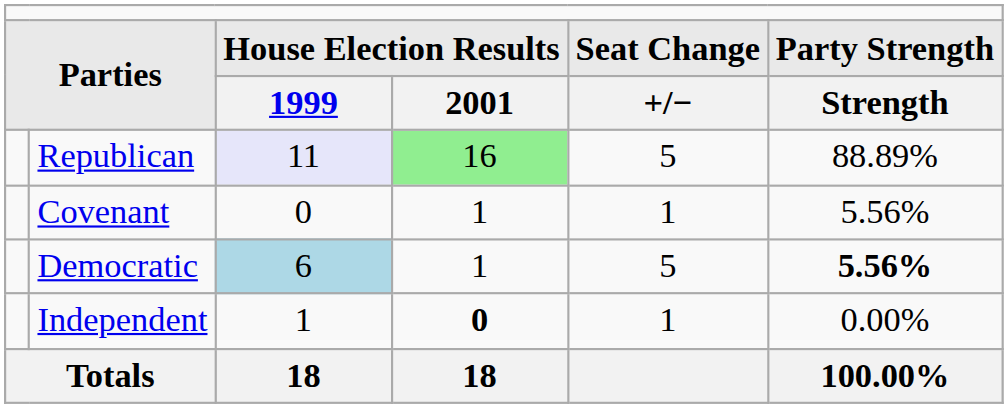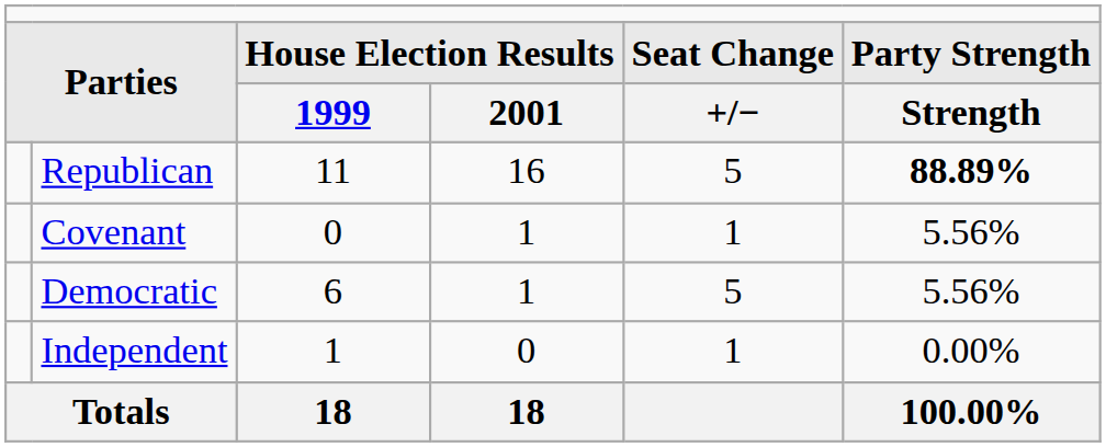 <table class="wikitable">
 <tr>
 <td colspan="6"></td>
 </tr>
 <tr>
 <th colspan="2" rowspan="2" style="background:#e9e9e9; text-align:center">Parties</th>
 <th colspan="2" style="background:#e9e9e9; text-align:center">House Election Results</th>
 <th colspan="1" style="background:#e9e9e9; text-align:center">Seat Change</th>
 <th colspan="1" style="background:#e9e9e9; text-align:center">Party Strength</th>
 </tr>
 <tr style="background:#e9e9e9">
 <th><a href='#'>1999</a></th>
 <th>2001</th>
 <th>+/−</th>
 <th>Strength</th>
 </tr>
 <tr>
 <td style="background-color:"> </td>
 <td><a href='#'>Republican</a></td>
-<td align="center" style="background: lavender;">11</td>
-<td align="center" style="background: lightgreen;">16</td>
+<td align="center">11</td>
+<td align="center">16</td>
 <td align="center">5 </td>
-<td align="center">88.89%</td>
+<td align="center"><strong>88.89%</strong></td>
 </tr>
 <tr>
 <td style="background-color:"> </td>
 <td><a href='#'>Covenant</a></td>
 <td align="center">0</td>
 <td align="center">1</td>
 <td align="center">1 </td>
 <td align="center">5.56%</td>
 </tr>
 <tr>
 <td style="background-color:"> </td>
 <td><a href='#'>Democratic</a></td>
-<td align="center" style="background: lightblue;">6</td>
+<td align="center">6</td>
 <td align="center">1</td>
 <td align="center">5 </td>
-<td align="center"><strong>5.56%</strong></td>
+<td align="center">5.56%</td>
 </tr>
 <tr>
 <td style="background-color:"> </td>
 <td><a href='#'>Independent</a></td>
 <td align="center">1</td>
-<td align="center"><strong>0</strong></td>
+<td align="center">0</td>
 <td align="center">1 </td>
 <td align="center">0.00%</td>
 </tr>
 <tr style="background:#ccc">
 <th colspan="2">Totals</th>
 <th>18</th>
 <th>18</th>
 <th></th>
 <th>100.00%</th>
 </tr>
 </table>
